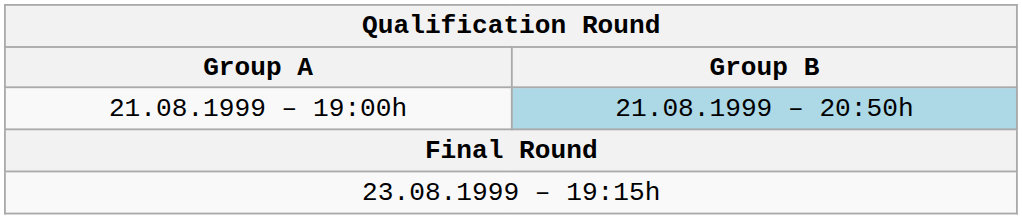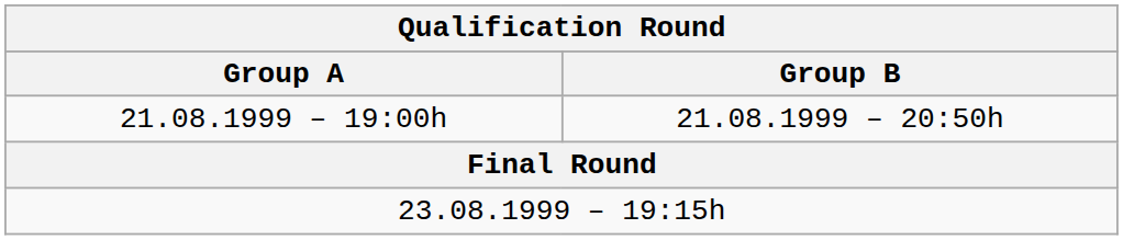 <table class="wikitable" style=" text-align:center; font-size:110%;" width="35%">
 <tr>
 <th colspan="2">Qualification Round</th>
 </tr>
 <tr>
 <th>Group A</th>
 <th>Group B</th>
 </tr>
 <tr>
 <td>21.08.1999 – 19:00h</td>
-<td style="background: lightblue;">21.08.1999 – 20:50h</td>
+<td>21.08.1999 – 20:50h</td>
 </tr>
 <tr>
 <th colspan="2">Final Round</th>
 </tr>
 <tr>
 <td colspan="2">23.08.1999 – 19:15h</td>
 </tr>
 </table>
